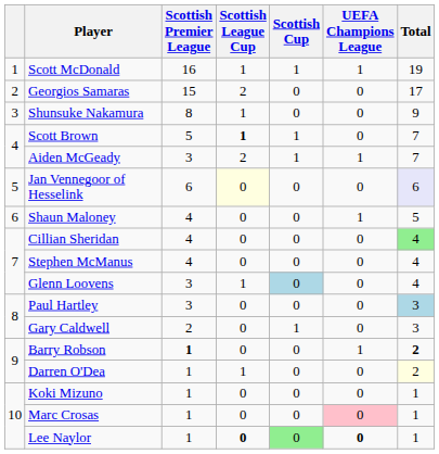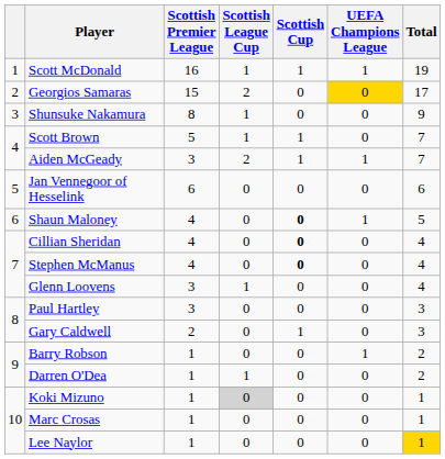 <table class="wikitable">
 <tr>
 <th></th>
 <th width="150">Player</th>
 <th><a href='#'>Scottish<br>Premier<br>League</a><br></th>
 <th><a href='#'>Scottish<br>League<br>Cup</a></th>
 <th><a href='#'>Scottish<br>Cup</a></th>
 <th><a href='#'>UEFA<br>Champions<br>League</a></th>
 <th>Total</th>
 </tr>
 <tr>
 <td align=center rowspan=1>1</td>
 <td> <a href='#'>Scott McDonald</a></td>
 <td align=center>16</td>
 <td align=center>1</td>
 <td align=center>1</td>
 <td align=center>1</td>
 <td align=center>19</td>
 </tr>
 <tr>
 <td align=center rowspan=1>2</td>
 <td> <a href='#'>Georgios Samaras</a></td>
 <td align=center>15</td>
 <td align=center>2</td>
 <td align=center>0</td>
-<td align=center>0</td>
+<td align=center style="background: gold;">0</td>
 <td align=center>17</td>
 </tr>
 <tr>
 <td align=center rowspan=1>3</td>
 <td> <a href='#'>Shunsuke Nakamura</a></td>
 <td align=center>8</td>
 <td align=center>1</td>
 <td align=center>0</td>
 <td align=center>0</td>
 <td align=center>9</td>
 </tr>
 <tr>
 <td align=center rowspan=2>4</td>
 <td> <a href='#'>Scott Brown</a></td>
 <td align=center>5</td>
-<td align=center><strong>1</strong></td>
+<td align=center>1</td>
 <td align=center>1</td>
 <td align=center>0</td>
 <td align=center>7</td>
 </tr>
 <tr>
 <td> <a href='#'>Aiden McGeady</a></td>
 <td align=center>3</td>
 <td align=center>2</td>
 <td align=center>1</td>
 <td align=center>1</td>
 <td align=center>7</td>
 </tr>
 <tr>
 <td align=center rowspan=1>5</td>
 <td> <a href='#'>Jan Vennegoor of Hesselink</a></td>
 <td align=center>6</td>
-<td align=center style="background: lightyellow;">0</td>
 <td align=center>0</td>
 <td align=center>0</td>
-<td align=center style="background: lavender;">6</td>
+<td align=center>0</td>
+<td align=center>6</td>
 </tr>
 <tr>
 <td align=center rowspan=1>6</td>
 <td> <a href='#'>Shaun Maloney</a></td>
 <td align=center>4</td>
 <td align=center>0</td>
-<td align=center>0</td>
+<td align=center><strong>0</strong></td>
 <td align=center>1</td>
 <td align=center>5</td>
 </tr>
 <tr>
 <td align=center rowspan=3>7</td>
 <td> <a href='#'>Cillian Sheridan</a></td>
 <td align=center>4</td>
 <td align=center>0</td>
+<td align=center><strong>0</strong></td>
 <td align=center>0</td>
-<td align=center>0</td>
-<td align=center style="background: lightgreen;">4</td>
+<td align=center>4</td>
 </tr>
 <tr>
 <td> <a href='#'>Stephen McManus</a></td>
 <td align=center>4</td>
 <td align=center>0</td>
-<td align=center>0</td>
+<td align=center><strong>0</strong></td>
 <td align=center>0</td>
 <td align=center>4</td>
 </tr>
 <tr>
 <td> <a href='#'>Glenn Loovens</a></td>
 <td align=center>3</td>
 <td align=center>1</td>
-<td align=center style="background: lightblue;">0</td>
+<td align=center>0</td>
 <td align=center>0</td>
 <td align=center>4</td>
 </tr>
 <tr>
 <td align=center rowspan=2>8</td>
 <td> <a href='#'>Paul Hartley</a></td>
 <td align=center>3</td>
 <td align=center>0</td>
 <td align=center>0</td>
 <td align=center>0</td>
-<td align=center style="background: lightblue;">3</td>
+<td align=center>3</td>
 </tr>
 <tr>
 <td> <a href='#'>Gary Caldwell</a></td>
 <td align=center>2</td>
 <td align=center>0</td>
 <td align=center>1</td>
 <td align=center>0</td>
 <td align=center>3</td>
 </tr>
 <tr>
 <td align=center rowspan=2>9</td>
 <td> <a href='#'>Barry Robson</a></td>
-<td align=center><strong>1</strong></td>
+<td align=center>1</td>
 <td align=center>0</td>
 <td align=center>0</td>
 <td align=center>1</td>
-<td align=center><strong>2</strong></td>
+<td align=center>2</td>
 </tr>
 <tr>
 <td> <a href='#'>Darren O'Dea</a></td>
 <td align=center>1</td>
 <td align=center>1</td>
 <td align=center>0</td>
 <td align=center>0</td>
-<td align=center style="background: lightyellow;">2</td>
+<td align=center>2</td>
 </tr>
 <tr>
 <td align=center rowspan=3>10</td>
 <td> <a href='#'>Koki Mizuno</a></td>
 <td align=center>1</td>
-<td align=center>0</td>
+<td align=center style="background: lightgrey;">0</td>
 <td align=center>0</td>
 <td align=center>0</td>
 <td align=center>1</td>
 </tr>
 <tr>
 <td> <a href='#'>Marc Crosas</a></td>
 <td align=center>1</td>
 <td align=center>0</td>
 <td align=center>0</td>
-<td align=center style="background: pink;">0</td>
+<td align=center>0</td>
 <td align=center>1</td>
 </tr>
 <tr>
 <td> <a href='#'>Lee Naylor</a></td>
 <td align=center>1</td>
-<td align=center><strong>0</strong></td>
-<td align=center style="background: lightgreen;">0</td>
-<td align=center><strong>0</strong></td>
-<td align=center>1</td>
+<td align=center>0</td>
+<td align=center>0</td>
+<td align=center>0</td>
+<td align=center style="background: gold;">1</td>
 </tr>
 </table>
